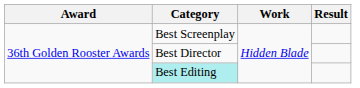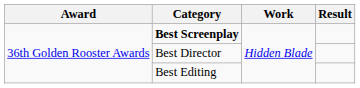 <table class="wikitable sortable">
 <tr>
 <th>Award</th>
 <th>Category</th>
 <th>Work</th>
 <th>Result</th>
 </tr>
 <tr>
 <td rowspan="3"><a href='#'>36th Golden Rooster Awards</a></td>
-<td>Best Screenplay</td>
+<td><strong>Best Screenplay</strong></td>
 <td rowspan="3"><em><a href='#'>Hidden Blade</a></em></td>
 <td></td>
 </tr>
 <tr>
 <td>Best Director</td>
 <td></td>
 </tr>
 <tr>
-<td style="background: paleturquoise;">Best Editing</td>
+<td>Best Editing</td>
 <td></td>
 </tr>
 </table>
